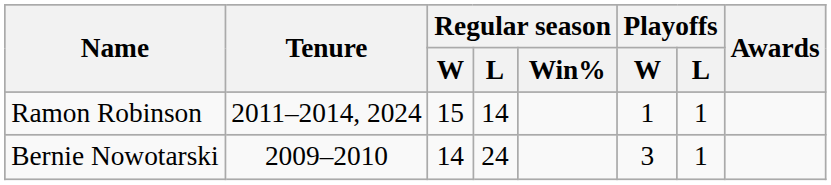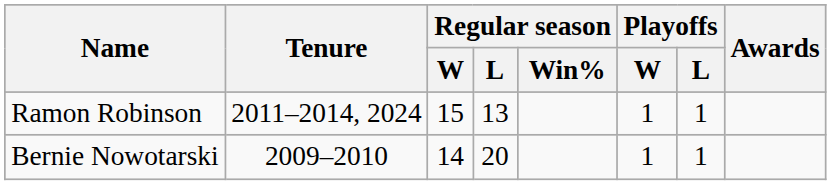 <table class="wikitable">
 <tr>
 <th rowspan="2">Name</th>
 <th rowspan="2">Tenure</th>
 <th colspan="3">Regular season</th>
 <th colspan="2">Playoffs</th>
 <th rowspan="2">Awards</th>
 </tr>
 <tr>
 <th rowspan="1">W</th>
 <th rowspan="1">L</th>
 <th rowspan="1">Win%</th>
 <th rowspan="1">W</th>
 <th rowspan="1">L</th>
 </tr>
 <tr>
 <td>Ramon Robinson</td>
 <td style="text-align:center;">2011–2014, 2024</td>
 <td style="text-align:center;">15</td>
-<td style="text-align:center;">14</td>
+<td style="text-align:center;">13</td>
 <td style="text-align:center;"></td>
 <td style="text-align:center;">1</td>
 <td style="text-align:center;">1</td>
 <td></td>
 </tr>
 <tr>
 <td>Bernie Nowotarski</td>
 <td style="text-align:center;">2009–2010</td>
 <td style="text-align:center;">14</td>
-<td style="text-align:center;">24</td>
+<td style="text-align:center;">20</td>
 <td style="text-align:center;"></td>
-<td style="text-align:center;">3</td>
+<td style="text-align:center;">1</td>
 <td style="text-align:center;">1</td>
 <td></td>
 </tr>
 </table>
